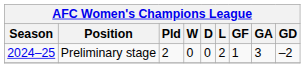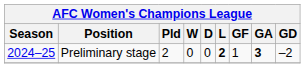 <table class="wikitable">
 <tr>
 <th colspan=9><a href='#'>AFC Women's Champions League</a></th>
 </tr>
 <tr>
 <th>Season</th>
 <th>Position</th>
 <th>Pld</th>
 <th>W</th>
 <th>D</th>
 <th>L</th>
 <th>GF</th>
 <th>GA</th>
 <th>GD</th>
 </tr>
 <tr>
 <td><a href='#'>2024–25</a></td>
 <td>Preliminary stage</td>
 <td>2</td>
 <td>0</td>
 <td>0</td>
-<td>2</td>
+<td><strong>2</strong></td>
 <td>1</td>
-<td>3</td>
+<td><strong>3</strong></td>
 <td>–2</td>
 </tr>
 <tr>
 </tr>
 </table>
